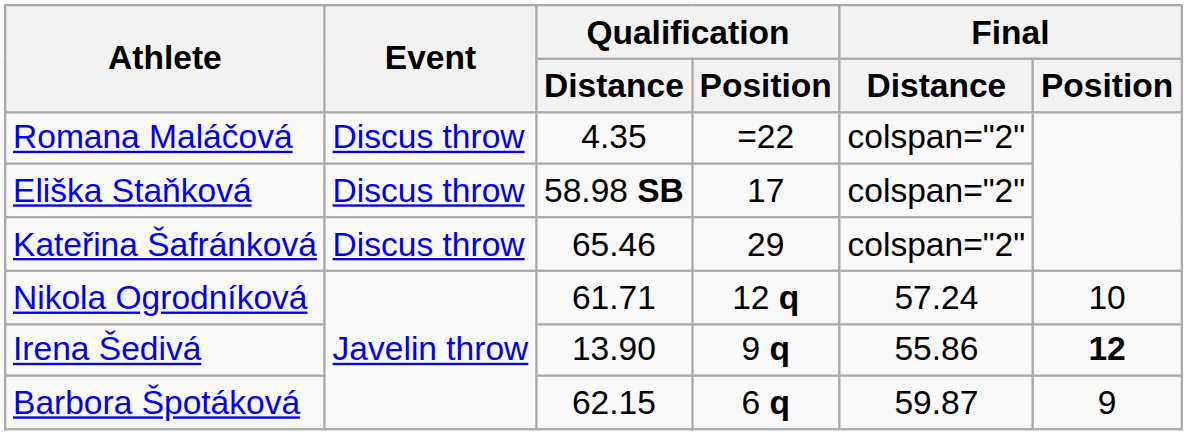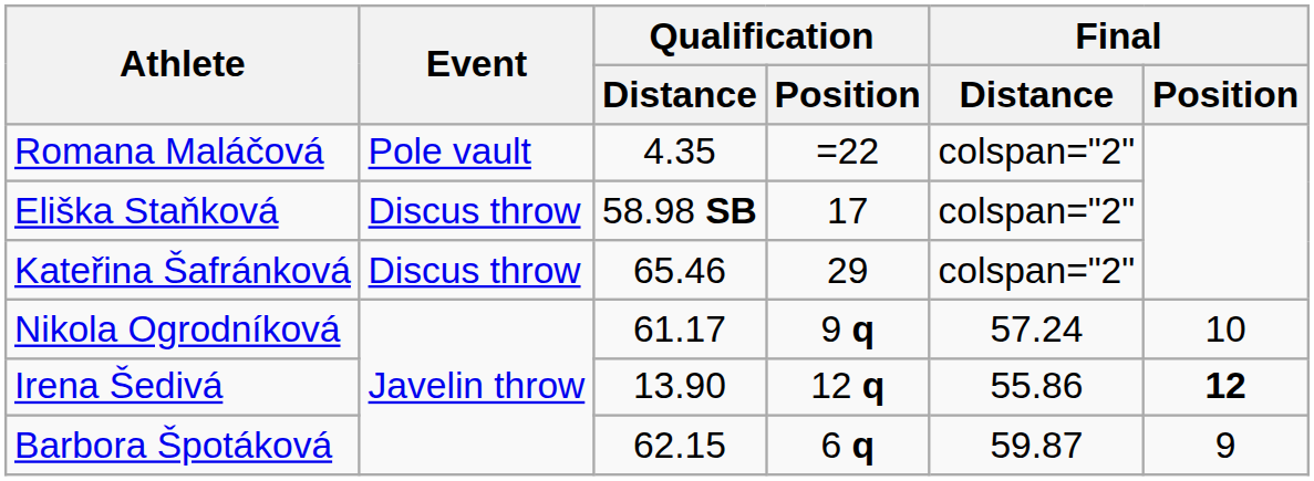 <table class="wikitable" style="font-size:90%">
 <tr>
 <th rowspan="2">Athlete</th>
 <th rowspan="2">Event</th>
 <th colspan="2">Qualification</th>
 <th colspan="2">Final</th>
 </tr>
 <tr>
 <th>Distance</th>
 <th>Position</th>
 <th>Distance</th>
 <th>Position</th>
 </tr>
 <tr style=text-align:center>
 <td style=text-align:left><a href='#'>Romana Maláčová</a></td>
-<td style=text-align:left><a href='#'>Discus throw</a></td>
+<td style=text-align:left><a href='#'>Pole vault</a></td>
 <td>4.35</td>
 <td>=22</td>
 <td>colspan="2" </td>
 </tr>
 <tr style=text-align:center>
 <td style=text-align:left><a href='#'>Eliška Staňková</a></td>
 <td style=text-align:left><a href='#'>Discus throw</a></td>
 <td>58.98 <strong>SB</strong></td>
 <td>17</td>
 <td>colspan="2" </td>
 </tr>
 <tr style=text-align:center>
 <td style=text-align:left><a href='#'>Kateřina Šafránková</a></td>
 <td style=text-align:left><a href='#'>Discus throw</a></td>
 <td>65.46</td>
 <td>29</td>
 <td>colspan="2" </td>
 </tr>
 <tr style=text-align:center>
 <td style=text-align:left><a href='#'>Nikola Ogrodníková</a></td>
 <td style=text-align:left rowspan="3"><a href='#'>Javelin throw</a></td>
-<td>61.71</td>
-<td>12 <strong>q</strong></td>
+<td>61.17</td>
+<td>9 <strong>q</strong></td>
 <td>57.24</td>
 <td>10</td>
 </tr>
 <tr style=text-align:center>
 <td style=text-align:left><a href='#'>Irena Šedivá</a></td>
 <td>13.90</td>
-<td>9 <strong>q</strong></td>
+<td>12 <strong>q</strong></td>
 <td>55.86</td>
 <td><strong>12</strong></td>
 </tr>
 <tr style=text-align:center>
 <td style=text-align:left><a href='#'>Barbora Špotáková</a></td>
 <td>62.15</td>
 <td>6 <strong>q</strong></td>
 <td>59.87</td>
 <td>9</td>
 </tr>
 </table>
